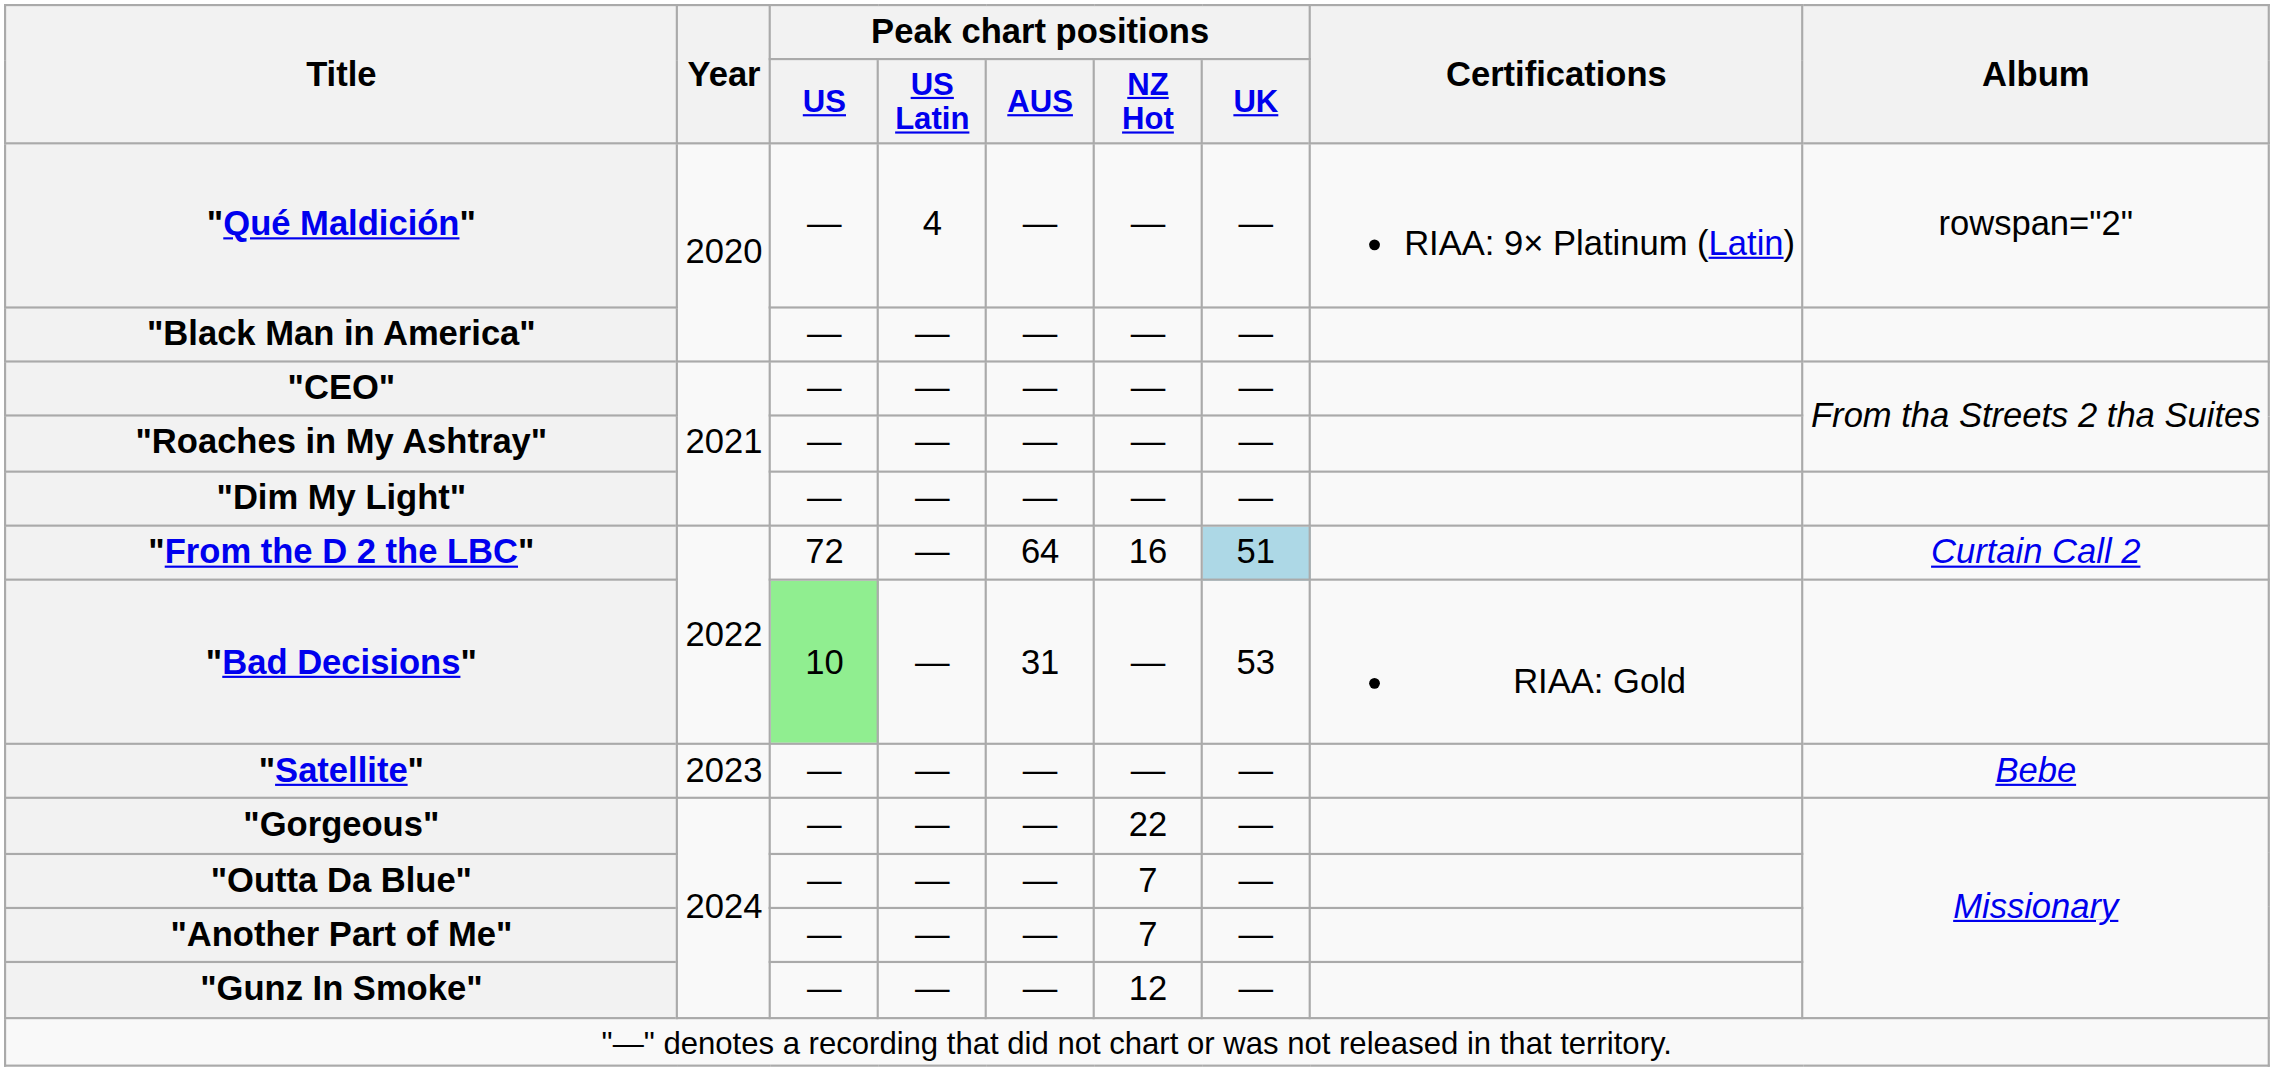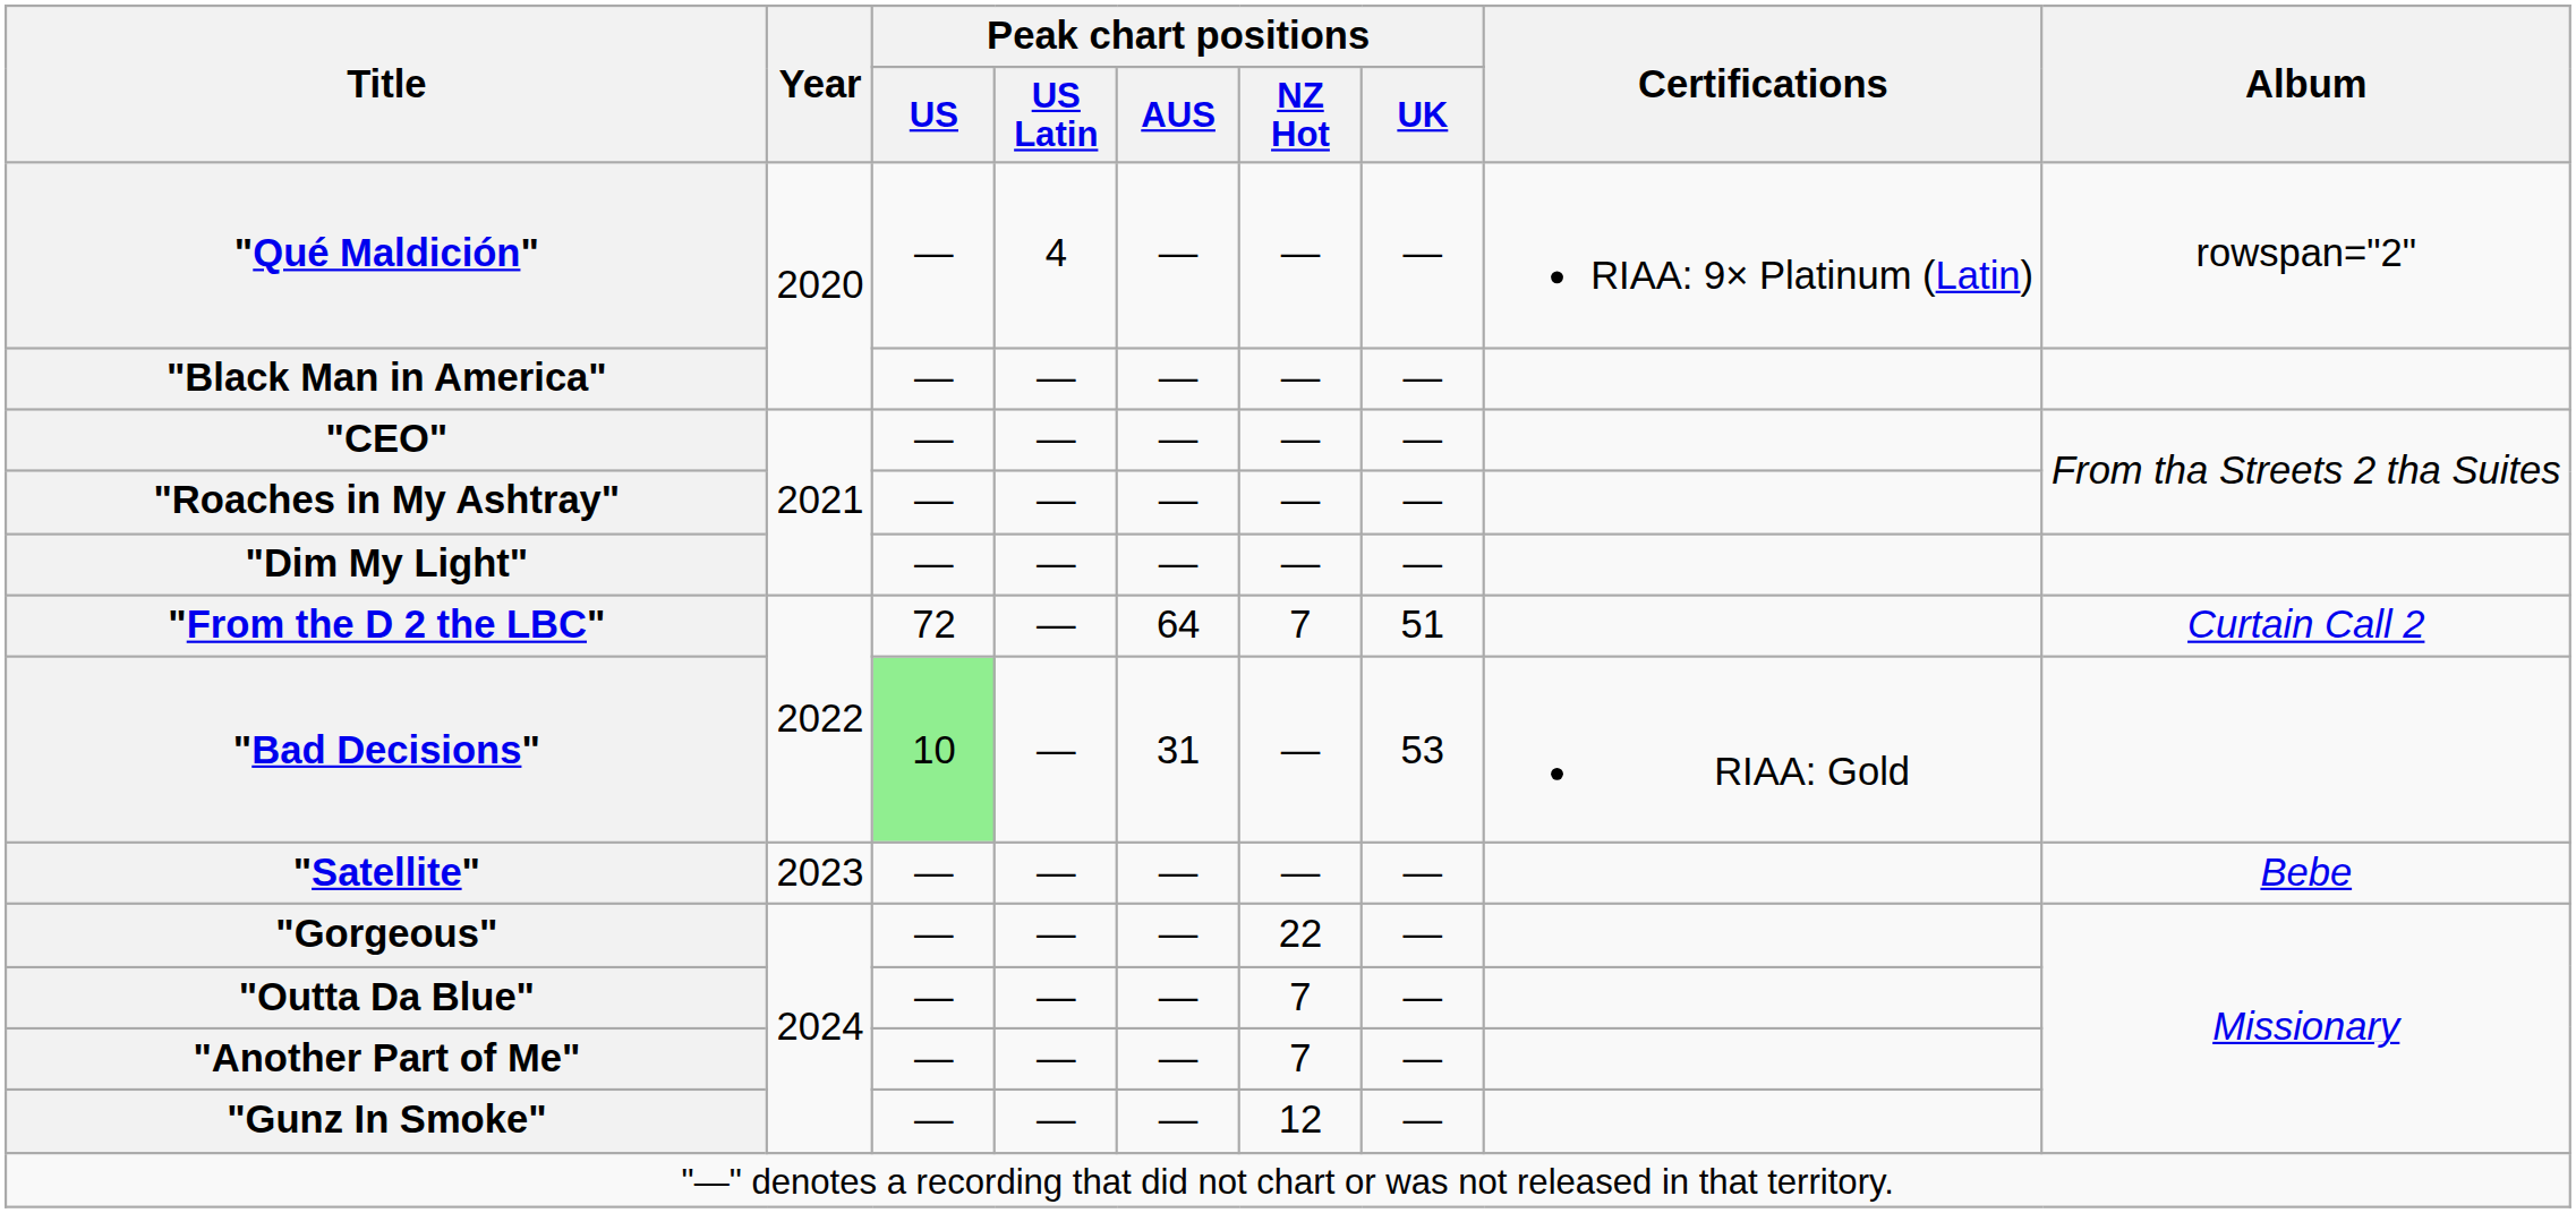 <table class="wikitable plainrowheaders" style="text-align:center;">
 <tr>
 <th scope="col" rowspan="2" style="width:19em;">Title</th>
 <th scope="col" rowspan="2">Year</th>
 <th scope="col" colspan="5">Peak chart positions</th>
 <th scope="col" rowspan="2">Certifications</th>
 <th scope="col" rowspan="2">Album</th>
 </tr>
 <tr>
 <th scope="col" style="width:3em; font-size:90%"><a href='#'>US</a><br></th>
 <th scope="col" style="width:3em; font-size:90%"><a href='#'>US<br>Latin</a><br></th>
 <th scope="col" style="width:3em; font-size:90%"><a href='#'>AUS</a><br></th>
 <th scope="col" style="width:3em; font-size:90%"><a href='#'>NZ<br>Hot</a><br></th>
 <th scope="col" style="width:3em; font-size:90%"><a href='#'>UK</a><br></th>
 </tr>
 <tr>
 <th scope="row">"<a href='#'>Qué Maldición</a>"<br></th>
 <td rowspan="2">2020</td>
 <td>—</td>
 <td>4</td>
 <td>—</td>
 <td>—</td>
 <td>—</td>
 <td><br><ul><li>RIAA: 9× Platinum (<a href='#'>Latin</a>)</li></ul></td>
 <td>rowspan="2" </td>
 </tr>
 <tr>
 <th scope="row">"Black Man in America"</th>
 <td>—</td>
 <td>—</td>
 <td>—</td>
 <td>—</td>
 <td>—</td>
 <td></td>
 </tr>
 <tr>
 <th scope="row">"CEO"</th>
 <td rowspan="3">2021</td>
 <td>—</td>
 <td>—</td>
 <td>—</td>
 <td>—</td>
 <td>—</td>
 <td></td>
 <td rowspan="2"><em>From tha Streets 2 tha Suites</em></td>
 </tr>
 <tr>
 <th scope="row">"Roaches in My Ashtray"</th>
 <td>—</td>
 <td>—</td>
 <td>—</td>
 <td>—</td>
 <td>—</td>
 <td></td>
 </tr>
 <tr>
 <th scope="row">"Dim My Light"<br></th>
 <td>—</td>
 <td>—</td>
 <td>—</td>
 <td>—</td>
 <td>—</td>
 <td></td>
 <td></td>
 </tr>
 <tr>
 <th scope="row">"<a href='#'>From the D 2 the LBC</a>"<br></th>
 <td rowspan="2">2022</td>
 <td>72</td>
 <td>—</td>
 <td>64</td>
-<td>16</td>
-<td style="background: lightblue;">51</td>
+<td>7</td>
+<td>51</td>
 <td></td>
 <td><em><a href='#'>Curtain Call 2</a></em></td>
 </tr>
 <tr>
 <th scope="row">"<a href='#'>Bad Decisions</a>"<br></th>
 <td style="background: lightgreen;">10</td>
 <td>—</td>
 <td>31</td>
 <td>—</td>
 <td>53</td>
 <td><br><ul><li>RIAA: Gold</li></ul></td>
 <td></td>
 </tr>
 <tr>
 <th scope="row">"<a href='#'>Satellite</a>"<br></th>
 <td>2023</td>
 <td>—</td>
 <td>—</td>
 <td>—</td>
 <td>—</td>
 <td>—</td>
 <td></td>
 <td><em><a href='#'>Bebe</a></em></td>
 </tr>
 <tr>
 <th scope="row">"Gorgeous"<br></th>
 <td rowspan="4">2024</td>
 <td>—</td>
 <td>—</td>
 <td>—</td>
 <td>22</td>
 <td>—</td>
 <td></td>
 <td rowspan="4"><em><a href='#'>Missionary</a></em></td>
 </tr>
 <tr>
 <th scope="row">"Outta Da Blue"<br></th>
 <td>—</td>
 <td>—</td>
 <td>—</td>
 <td>7</td>
 <td>—</td>
 <td></td>
 </tr>
 <tr>
 <th scope="row">"Another Part of Me"<br></th>
 <td>—</td>
 <td>—</td>
 <td>—</td>
 <td>7</td>
 <td>—</td>
 <td></td>
 </tr>
 <tr>
 <th scope="row">"Gunz In Smoke"<br></th>
 <td>—</td>
 <td>—</td>
 <td>—</td>
 <td>12</td>
 <td>—</td>
 <td></td>
 </tr>
 <tr>
 <td colspan="14" style="font-size:90%">"—" denotes a recording that did not chart or was not released in that territory.</td>
 </tr>
 </table>
